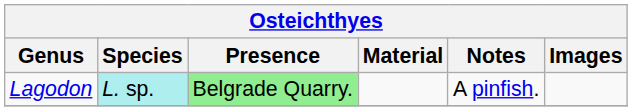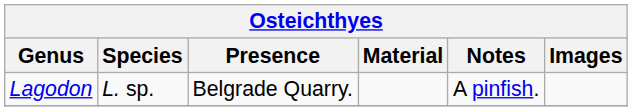 <table class="wikitable" align="center">
 <tr>
 <th colspan="6" align="center"><strong><a href='#'>Osteichthyes</a></strong></th>
 </tr>
 <tr>
 <th>Genus</th>
 <th>Species</th>
 <th>Presence</th>
 <th><strong>Material</strong></th>
 <th>Notes</th>
 <th>Images</th>
 </tr>
 <tr>
 <td><em><a href='#'>Lagodon</a></em></td>
-<td style="background: paleturquoise;"><em>L.</em> sp.</td>
-<td style="background: lightgreen;">Belgrade Quarry.</td>
+<td><em>L.</em> sp.</td>
+<td>Belgrade Quarry.</td>
 <td></td>
 <td>A <a href='#'>pinfish</a>.</td>
 <td></td>
 </tr>
 <tr>
 </tr>
 </table>
